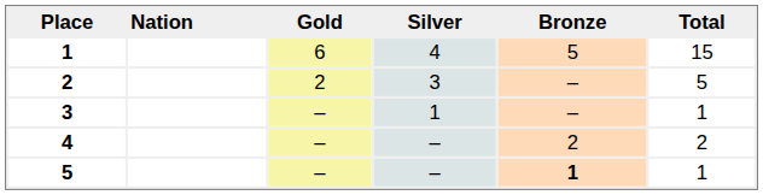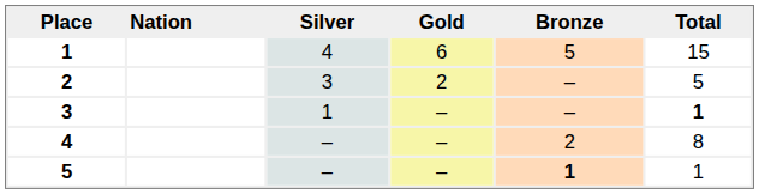 <table style="border-style:solid;border-width:1px;border-color:#808080;background-color:#EFEFEF" cellspacing="2" cellpadding="2" width="600">
 <tr bgcolor="#EFEFEF">
 <th align="center">Place</th>
 <th align="left">Nation</th>
+<th align="center">Silver</th>
 <th align="center">Gold</th>
-<th align="center">Silver</th>
 <th align="center">Bronze</th>
 <th align="center">Total</th>
 </tr>
 <tr align="center" valign="top" bgcolor="#FFFFFF">
 <th>1</th>
 <td align="left"></td>
+<td style="background:#DCE5E5;">4</td>
 <td style="background:#F7F6A8;">6</td>
-<td style="background:#DCE5E5;">4</td>
 <td style="background:#FFDAB9;">5</td>
 <td>15</td>
 </tr>
 <tr align="center" valign="top" bgcolor="#FFFFFF">
 <th>2</th>
 <td align="left"></td>
+<td style="background:#DCE5E5;">3</td>
 <td style="background:#F7F6A8;">2</td>
-<td style="background:#DCE5E5;">3</td>
 <td style="background:#FFDAB9;">–</td>
 <td>5</td>
 </tr>
 <tr align="center" valign="top" bgcolor="#FFFFFF">
 <th>3</th>
 <td align="left"></td>
+<td style="background:#DCE5E5;">1</td>
 <td style="background:#F7F6A8;">–</td>
-<td style="background:#DCE5E5;">1</td>
 <td style="background:#FFDAB9;">–</td>
-<td>1</td>
+<td><strong>1</strong></td>
 </tr>
 <tr align="center" valign="top" bgcolor="#FFFFFF">
 <th>4</th>
 <td align="left"></td>
+<td style="background:#DCE5E5;">–</td>
 <td style="background:#F7F6A8;">–</td>
-<td style="background:#DCE5E5;">–</td>
 <td style="background:#FFDAB9;">2</td>
-<td>2</td>
+<td>8</td>
 </tr>
 <tr align="center" valign="top" bgcolor="#FFFFFF">
 <th>5</th>
 <td align="left"></td>
+<td style="background:#DCE5E5;">–</td>
 <td style="background:#F7F6A8;">–</td>
-<td style="background:#DCE5E5;">–</td>
 <td style="background:#FFDAB9;"><strong>1</strong></td>
 <td>1</td>
 </tr>
 </table>
